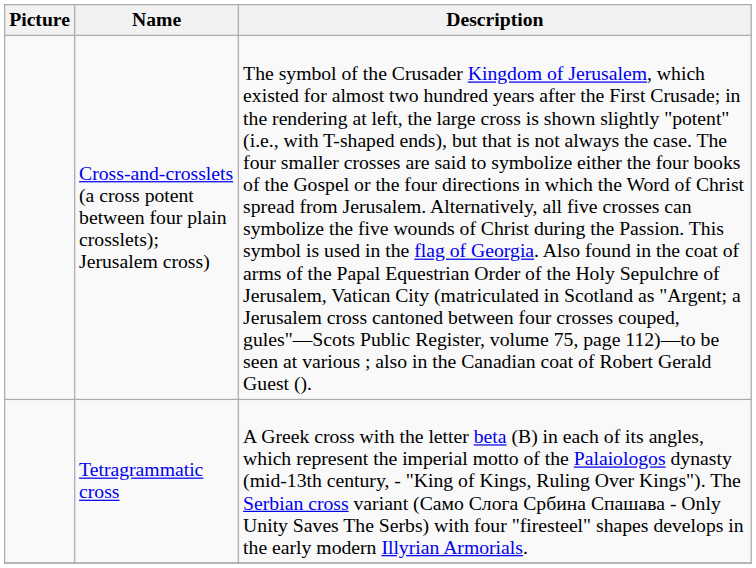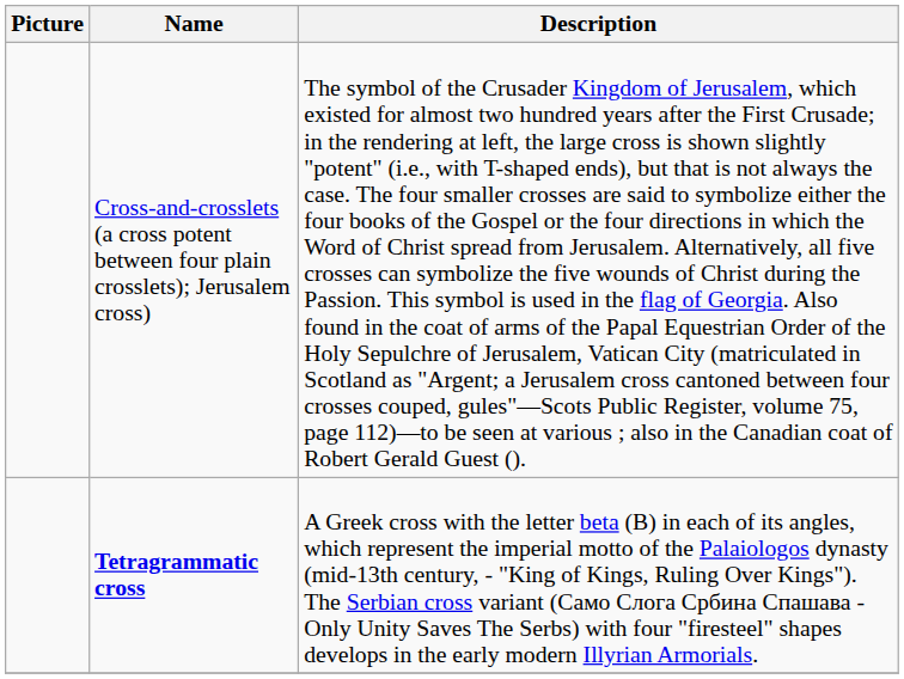 <table class="wikitable">
 <tr>
 <th>Picture</th>
 <th>Name</th>
 <th>Description</th>
 </tr>
 <tr>
 <td style="text-align:center;"></td>
 <td><a href='#'>Cross-and-crosslets</a> (a cross potent between four plain crosslets); Jerusalem cross)</td>
 <td><br>The symbol of the Crusader <a href='#'>Kingdom of Jerusalem</a>, which existed for almost two hundred years after the First Crusade; in the rendering at left, the large cross is shown slightly "potent" (i.e., with T-shaped ends), but that is not always the case. The four smaller crosses are said to symbolize either the four books of the Gospel or the four directions in which the Word of Christ spread from Jerusalem. Alternatively, all five crosses can symbolize the five wounds of Christ during the Passion. This symbol is used in the <a href='#'>flag of Georgia</a>. Also found in the coat of arms of the Papal Equestrian Order of the Holy Sepulchre of Jerusalem, Vatican City (matriculated in Scotland as "Argent; a Jerusalem cross cantoned between four crosses couped, gules"—Scots Public Register, volume 75, page 112)—to be seen at various ; also in the Canadian coat of Robert Gerald Guest ().</td>
 </tr>
 <tr>
 <td style="text-align:center;"></td>
-<td><a href='#'>Tetragrammatic cross</a></td>
+<td><strong><a href='#'>Tetragrammatic cross</a></strong></td>
 <td><br>A Greek cross with the letter <a href='#'>beta</a> (Β) in each of its angles, which represent the imperial motto of the <a href='#'>Palaiologos</a> dynasty (mid-13th century,  -  "King of Kings, Ruling Over Kings"). The <a href='#'>Serbian cross</a> variant (Само Слога Србина Спашава - Only Unity Saves The Serbs) with four "firesteel" shapes develops in the early modern <a href='#'>Illyrian Armorials</a>.</td>
 </tr>
 <tr>
 </tr>
 </table>
